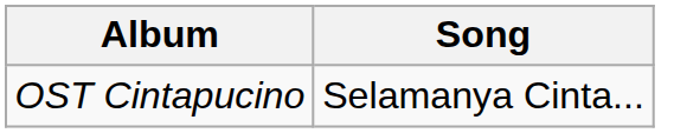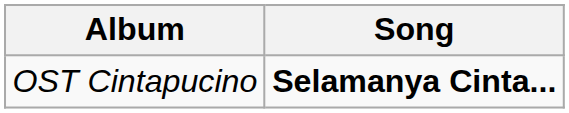 <table class="wikitable">
 <tr>
 <th>Album</th>
 <th>Song</th>
 </tr>
 <tr>
 <td><em>OST Cintapucino</em></td>
-<td>Selamanya Cinta...</td>
+<td><strong>Selamanya Cinta...</strong></td>
 </tr>
 </table>
